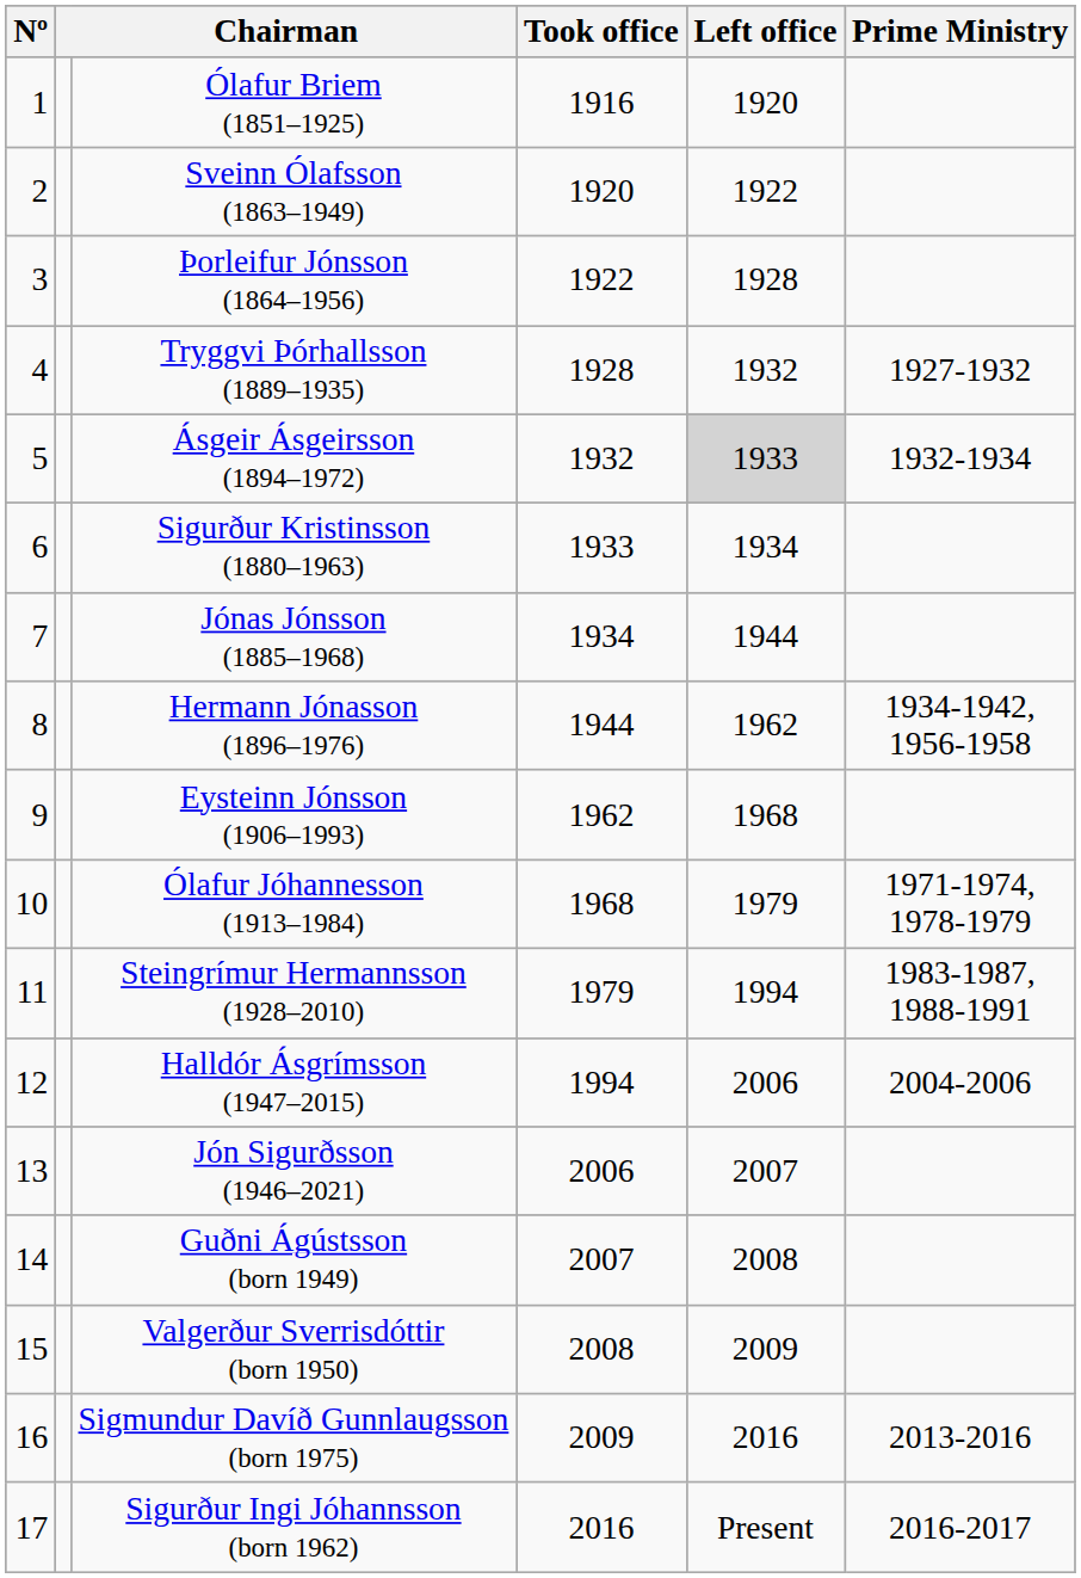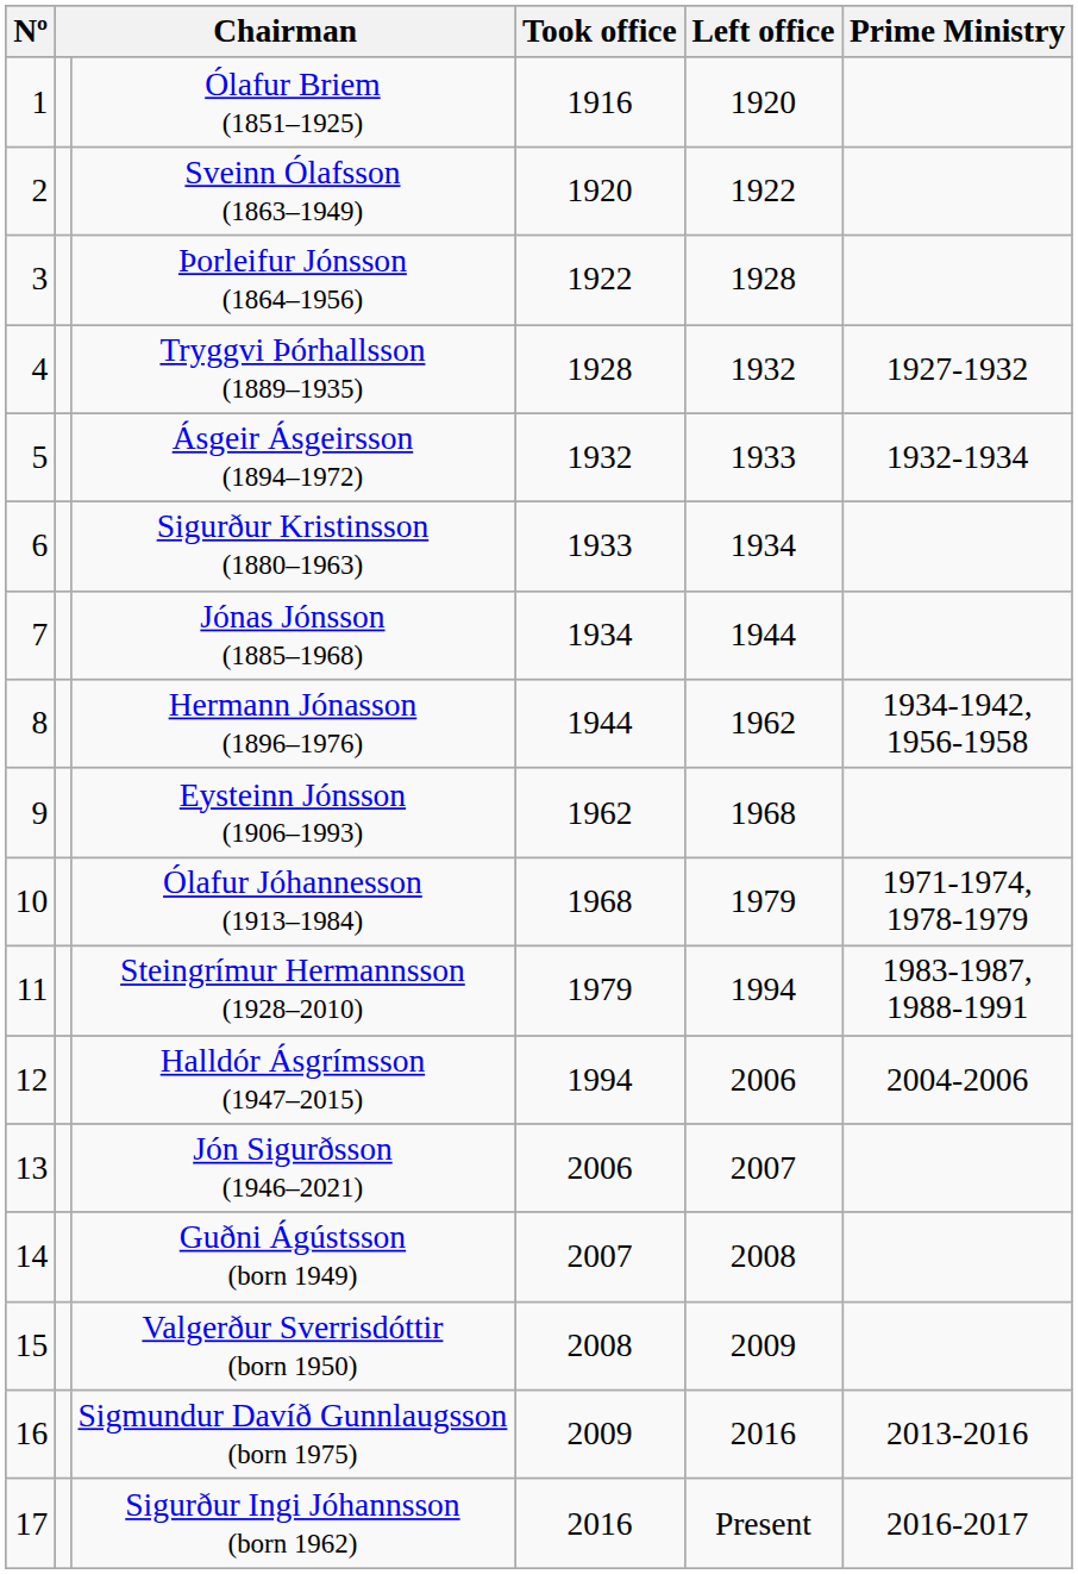 <table class="wikitable" style="text-align: center;">
 <tr>
 <th>Nº</th>
 <th colspan="2">Chairman</th>
 <th>Took office</th>
 <th>Left office</th>
 <th>Prime Ministry</th>
 </tr>
 <tr>
 <td style="text-align: right;">1</td>
 <td></td>
 <td><a href='#'>Ólafur Briem</a><br><small>(1851–1925)</small></td>
 <td>1916</td>
 <td>1920</td>
 <td></td>
 </tr>
 <tr>
 <td style="text-align: right;">2</td>
 <td></td>
 <td><a href='#'>Sveinn Ólafsson</a><br><small>(1863–1949)</small></td>
 <td>1920</td>
 <td>1922</td>
 <td></td>
 </tr>
 <tr>
 <td style="text-align: right;">3</td>
 <td></td>
 <td><a href='#'>Þorleifur Jónsson</a><br><small>(1864–1956)</small></td>
 <td>1922</td>
 <td>1928</td>
 <td></td>
 </tr>
 <tr>
 <td style="text-align: right;">4</td>
 <td></td>
 <td><a href='#'>Tryggvi Þórhallsson</a><br><small>(1889–1935)</small></td>
 <td>1928</td>
 <td>1932</td>
 <td>1927-1932</td>
 </tr>
 <tr>
 <td style="text-align: right;">5</td>
 <td></td>
 <td><a href='#'>Ásgeir Ásgeirsson</a><br><small>(1894–1972)</small></td>
 <td>1932</td>
-<td style="background: lightgrey;">1933</td>
+<td>1933</td>
 <td>1932-1934</td>
 </tr>
 <tr>
 <td style="text-align: right;">6</td>
 <td></td>
 <td><a href='#'>Sigurður Kristinsson</a><br><small>(1880–1963)</small></td>
 <td>1933</td>
 <td>1934</td>
 <td></td>
 </tr>
 <tr>
 <td style="text-align: right;">7</td>
 <td></td>
 <td><a href='#'>Jónas Jónsson</a><br><small>(1885–1968)</small></td>
 <td>1934</td>
 <td>1944</td>
 <td></td>
 </tr>
 <tr>
 <td style="text-align: right;">8</td>
 <td></td>
 <td><a href='#'>Hermann Jónasson</a><br><small>(1896–1976)</small></td>
 <td>1944</td>
 <td>1962</td>
 <td>1934-1942,<br>1956-1958</td>
 </tr>
 <tr>
 <td style="text-align: right;">9</td>
 <td></td>
 <td><a href='#'>Eysteinn Jónsson</a><br><small>(1906–1993)</small></td>
 <td>1962</td>
 <td>1968</td>
 <td></td>
 </tr>
 <tr>
 <td style="text-align: right;">10</td>
 <td></td>
 <td><a href='#'>Ólafur Jóhannesson</a><br><small>(1913–1984)</small></td>
 <td>1968</td>
 <td>1979</td>
 <td>1971-1974,<br>1978-1979</td>
 </tr>
 <tr>
 <td style="text-align: right;">11</td>
 <td></td>
 <td><a href='#'>Steingrímur Hermannsson</a><br><small>(1928–2010)</small></td>
 <td>1979</td>
 <td>1994</td>
 <td>1983-1987,<br>1988-1991</td>
 </tr>
 <tr>
 <td style="text-align: right;">12</td>
 <td></td>
 <td><a href='#'>Halldór Ásgrímsson</a><br><small>(1947–2015)</small></td>
 <td>1994</td>
 <td>2006</td>
 <td>2004-2006</td>
 </tr>
 <tr>
 <td style="text-align: right;">13</td>
 <td></td>
 <td><a href='#'>Jón Sigurðsson</a><br><small>(1946–2021)</small></td>
 <td>2006</td>
 <td>2007</td>
 <td></td>
 </tr>
 <tr>
 <td style="text-align: right;">14</td>
 <td></td>
 <td><a href='#'>Guðni Ágústsson</a><br><small>(born 1949)</small></td>
 <td>2007</td>
 <td>2008</td>
 <td></td>
 </tr>
 <tr>
 <td style="text-align: right;">15</td>
 <td></td>
 <td><a href='#'>Valgerður Sverrisdóttir</a><br><small>(born 1950)</small></td>
 <td>2008</td>
 <td>2009</td>
 <td></td>
 </tr>
 <tr>
 <td style="text-align: right;">16</td>
 <td></td>
 <td><a href='#'>Sigmundur Davíð Gunnlaugsson</a><br><small>(born 1975)</small></td>
 <td>2009</td>
 <td>2016</td>
 <td>2013-2016</td>
 </tr>
 <tr>
 <td style="text-align: right;">17</td>
 <td></td>
 <td><a href='#'>Sigurður Ingi Jóhannsson</a><br><small>(born 1962)</small></td>
 <td>2016</td>
 <td>Present</td>
 <td>2016-2017</td>
 </tr>
 </table>
